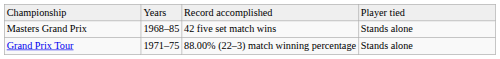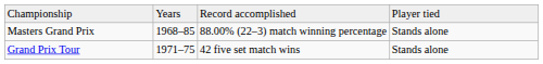 <table class=wikitable style=font-size:97%>
 <tr style="background:#efefef;">
 <td width=200>Championship</td>
 <td>Years</td>
 <td>Record accomplished</td>
 <td width=200>Player tied</td>
 </tr>
 <tr>
 <td>Masters Grand Prix</td>
 <td>1968–85</td>
-<td>42 five set match wins</td>
+<td>88.00% (22–3) match winning percentage</td>
 <td>Stands alone</td>
 </tr>
 <tr>
 <td><a href='#'>Grand Prix Tour</a></td>
 <td>1971–75</td>
-<td>88.00% (22–3) match winning percentage</td>
+<td>42 five set match wins</td>
 <td>Stands alone</td>
 </tr>
 </table>
